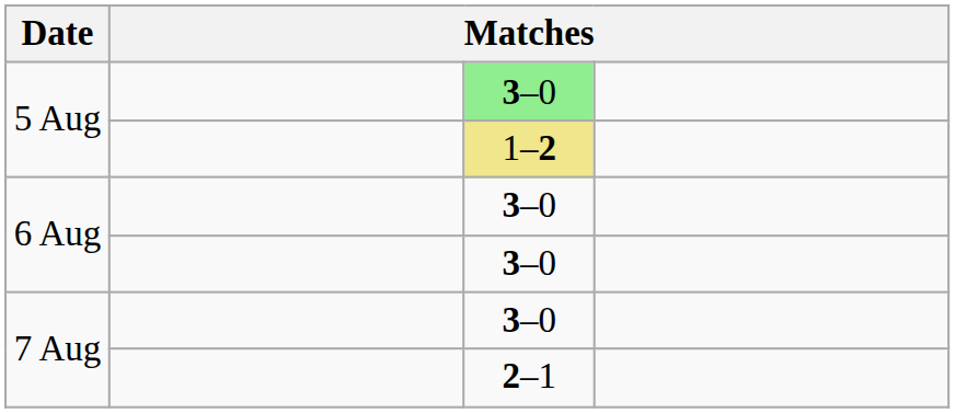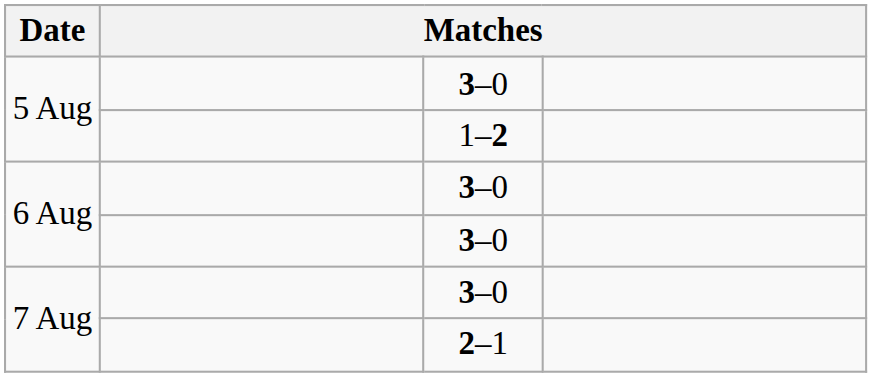 <table class="wikitable">
 <tr>
 <th>Date</th>
 <th colspan=3>Matches</th>
 </tr>
 <tr>
 <td rowspan=2>5 Aug</td>
 <td width=150><strong></strong></td>
-<td style="background: lightgreen; width:50px" align=center><strong>3</strong>–0</td>
+<td style="width:50px" align=center><strong>3</strong>–0</td>
 <td width=150></td>
 </tr>
 <tr>
 <td width=150></td>
-<td style="background: khaki; width:50px" align=center>1–<strong>2</strong></td>
+<td style="width:50px" align=center>1–<strong>2</strong></td>
 <td width=150><strong></strong></td>
 </tr>
 <tr>
 <td rowspan=2>6 Aug</td>
 <td width=150><strong></strong></td>
 <td style="width:50px" align=center><strong>3</strong>–0</td>
 <td width=150></td>
 </tr>
 <tr>
 <td width=150><strong></strong></td>
 <td style="width:50px" align=center><strong>3</strong>–0</td>
 <td width=150></td>
 </tr>
 <tr>
 <td rowspan=2>7 Aug</td>
 <td width=150><strong></strong></td>
 <td style="width:50px" align=center><strong>3</strong>–0</td>
 <td width=150></td>
 </tr>
 <tr>
 <td width=150><strong></strong></td>
 <td style="width:50px" align=center><strong>2</strong>–1</td>
 <td width=150></td>
 </tr>
 </table>
